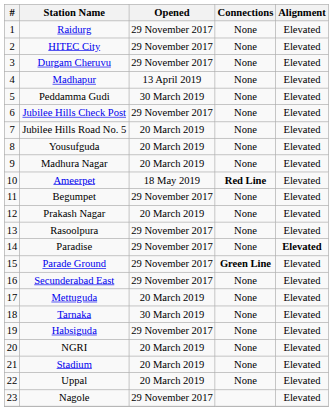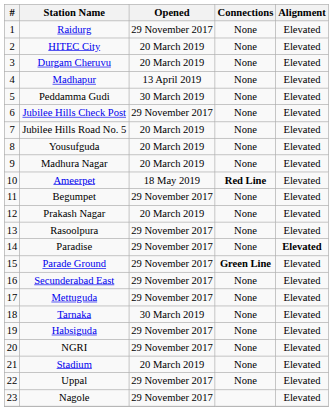 <table class="wikitable" style="text-align: center;">
 <tr>
 <th>#</th>
 <th>Station Name</th>
 <th>Opened</th>
 <th>Connections</th>
 <th>Alignment</th>
 </tr>
 <tr>
 <td>1</td>
 <td><a href='#'>Raidurg</a></td>
 <td>29 November 2017</td>
 <td>None</td>
 <td>Elevated</td>
 </tr>
 <tr>
 <td>2</td>
 <td><a href='#'>HITEC City</a></td>
-<td>29 November 2017</td>
+<td>20 March 2019</td>
 <td>None</td>
 <td>Elevated</td>
 </tr>
 <tr>
 <td>3</td>
 <td><a href='#'>Durgam Cheruvu</a></td>
-<td>29 November 2017</td>
+<td>20 March 2019</td>
 <td>None</td>
 <td>Elevated</td>
 </tr>
 <tr>
 <td>4</td>
 <td><a href='#'>Madhapur</a></td>
 <td>13 April 2019</td>
 <td>None</td>
 <td>Elevated</td>
 </tr>
 <tr>
 <td>5</td>
 <td>Peddamma Gudi</td>
 <td>30 March 2019</td>
 <td>None</td>
 <td>Elevated</td>
 </tr>
 <tr>
 <td>6</td>
 <td><a href='#'>Jubilee Hills Check Post</a></td>
 <td>29 November 2017</td>
 <td>None</td>
 <td>Elevated</td>
 </tr>
 <tr>
 <td>7</td>
 <td>Jubilee Hills Road No. 5</td>
 <td>20 March 2019</td>
 <td>None</td>
 <td>Elevated</td>
 </tr>
 <tr>
 <td>8</td>
 <td>Yousufguda</td>
 <td>20 March 2019</td>
 <td>None</td>
 <td>Elevated</td>
 </tr>
 <tr>
 <td>9</td>
 <td>Madhura Nagar</td>
 <td>20 March 2019</td>
 <td>None</td>
 <td>Elevated</td>
 </tr>
 <tr>
 <td>10</td>
 <td><a href='#'>Ameerpet</a></td>
 <td>18 May 2019</td>
 <td style="background:#"><strong><span>Red Line</span></strong></td>
 <td>Elevated</td>
 </tr>
 <tr>
 <td>11</td>
 <td>Begumpet</td>
 <td>29 November 2017</td>
 <td>None</td>
 <td>Elevated</td>
 </tr>
 <tr>
 <td>12</td>
 <td>Prakash Nagar</td>
 <td>20 March 2019</td>
 <td>None</td>
 <td>Elevated</td>
 </tr>
 <tr>
 <td>13</td>
 <td>Rasoolpura</td>
 <td>29 November 2017</td>
 <td>None</td>
 <td>Elevated</td>
 </tr>
 <tr>
 <td>14</td>
 <td>Paradise</td>
 <td>29 November 2017</td>
 <td>None</td>
 <td><strong>Elevated</strong></td>
 </tr>
 <tr>
 <td>15</td>
 <td><a href='#'>Parade Ground</a></td>
 <td>29 November 2017</td>
 <td style="background:#"><strong><span>Green Line</span></strong></td>
 <td>Elevated</td>
 </tr>
 <tr>
 <td>16</td>
 <td><a href='#'>Secunderabad East</a></td>
 <td>29 November 2017</td>
 <td>None</td>
 <td>Elevated</td>
 </tr>
 <tr>
 <td>17</td>
 <td><a href='#'>Mettuguda</a></td>
-<td>20 March 2019</td>
+<td>29 November 2017</td>
 <td>None</td>
 <td>Elevated</td>
 </tr>
 <tr>
 <td>18</td>
 <td><a href='#'>Tarnaka</a></td>
 <td>30 March 2019</td>
 <td>None</td>
 <td>Elevated</td>
 </tr>
 <tr>
 <td>19</td>
 <td><a href='#'>Habsiguda</a></td>
 <td>29 November 2017</td>
 <td>None</td>
 <td>Elevated</td>
 </tr>
 <tr>
 <td>20</td>
 <td>NGRI</td>
-<td>20 March 2019</td>
+<td>29 November 2017</td>
 <td>None</td>
 <td>Elevated</td>
 </tr>
 <tr>
 <td>21</td>
 <td><a href='#'>Stadium</a></td>
 <td>20 March 2019</td>
 <td>None</td>
 <td>Elevated</td>
 </tr>
 <tr>
 <td>22</td>
 <td>Uppal</td>
-<td>20 March 2019</td>
+<td>29 November 2017</td>
 <td>None</td>
 <td>Elevated</td>
 </tr>
 <tr>
 <td>23</td>
 <td>Nagole</td>
 <td>29 November 2017</td>
 <td></td>
 <td>Elevated</td>
 </tr>
 <tr>
 </tr>
 </table>
